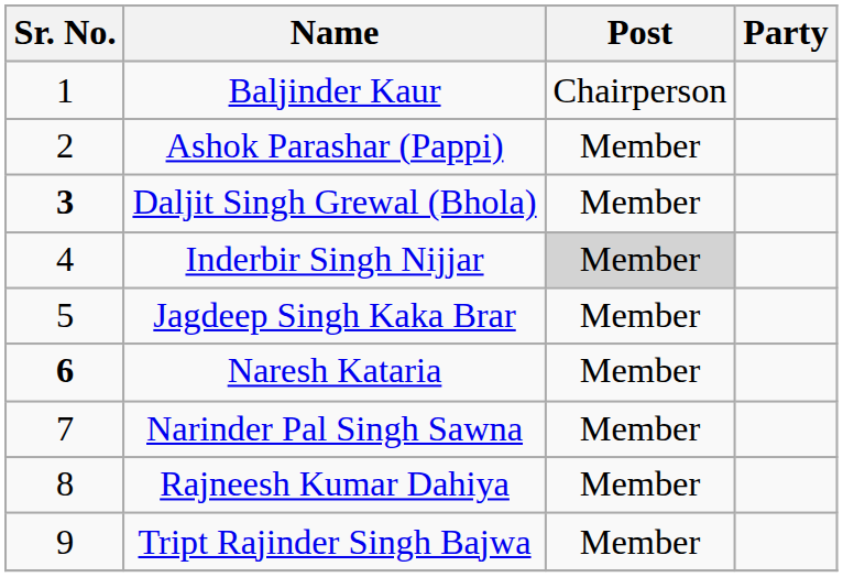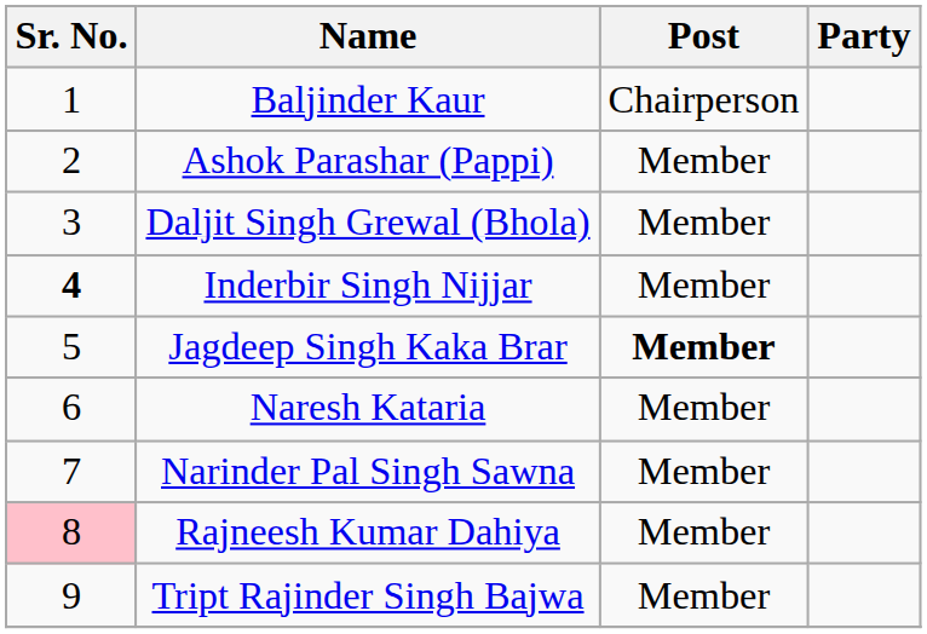 <table class="wikitable sortable">
 <tr>
 <th>Sr. No.</th>
 <th>Name</th>
 <th>Post</th>
 <th colspan="2">Party</th>
 </tr>
 <tr align="center">
 <td>1</td>
 <td><a href='#'>Baljinder Kaur</a></td>
 <td>Chairperson</td>
 <td></td>
 </tr>
 <tr align="center">
 <td>2</td>
 <td><a href='#'>Ashok Parashar (Pappi)</a></td>
 <td>Member</td>
 <td></td>
 </tr>
 <tr align="center">
-<td><strong>3</strong></td>
+<td>3</td>
 <td><a href='#'>Daljit Singh Grewal (Bhola)</a></td>
 <td>Member</td>
 <td></td>
 </tr>
 <tr align="center">
-<td>4</td>
+<td><strong>4</strong></td>
 <td><a href='#'>Inderbir Singh Nijjar</a></td>
-<td style="background: lightgrey;">Member</td>
+<td>Member</td>
 <td></td>
 </tr>
 <tr align="center">
 <td>5</td>
 <td><a href='#'>Jagdeep Singh Kaka Brar</a></td>
-<td>Member</td>
+<td><strong>Member</strong></td>
 <td></td>
 </tr>
 <tr align="center">
-<td><strong>6</strong></td>
+<td>6</td>
 <td><a href='#'>Naresh Kataria</a></td>
 <td>Member</td>
 <td></td>
 </tr>
 <tr align="center">
 <td>7</td>
 <td><a href='#'>Narinder Pal Singh Sawna</a></td>
 <td>Member</td>
 <td></td>
 </tr>
 <tr align="center">
-<td>8</td>
+<td style="background: pink;">8</td>
 <td><a href='#'>Rajneesh Kumar Dahiya</a></td>
 <td>Member</td>
 <td></td>
 </tr>
 <tr align="center">
 <td>9</td>
 <td><a href='#'>Tript Rajinder Singh Bajwa</a></td>
 <td>Member</td>
 <td></td>
 </tr>
 <tr align="center">
 </tr>
 </table>
